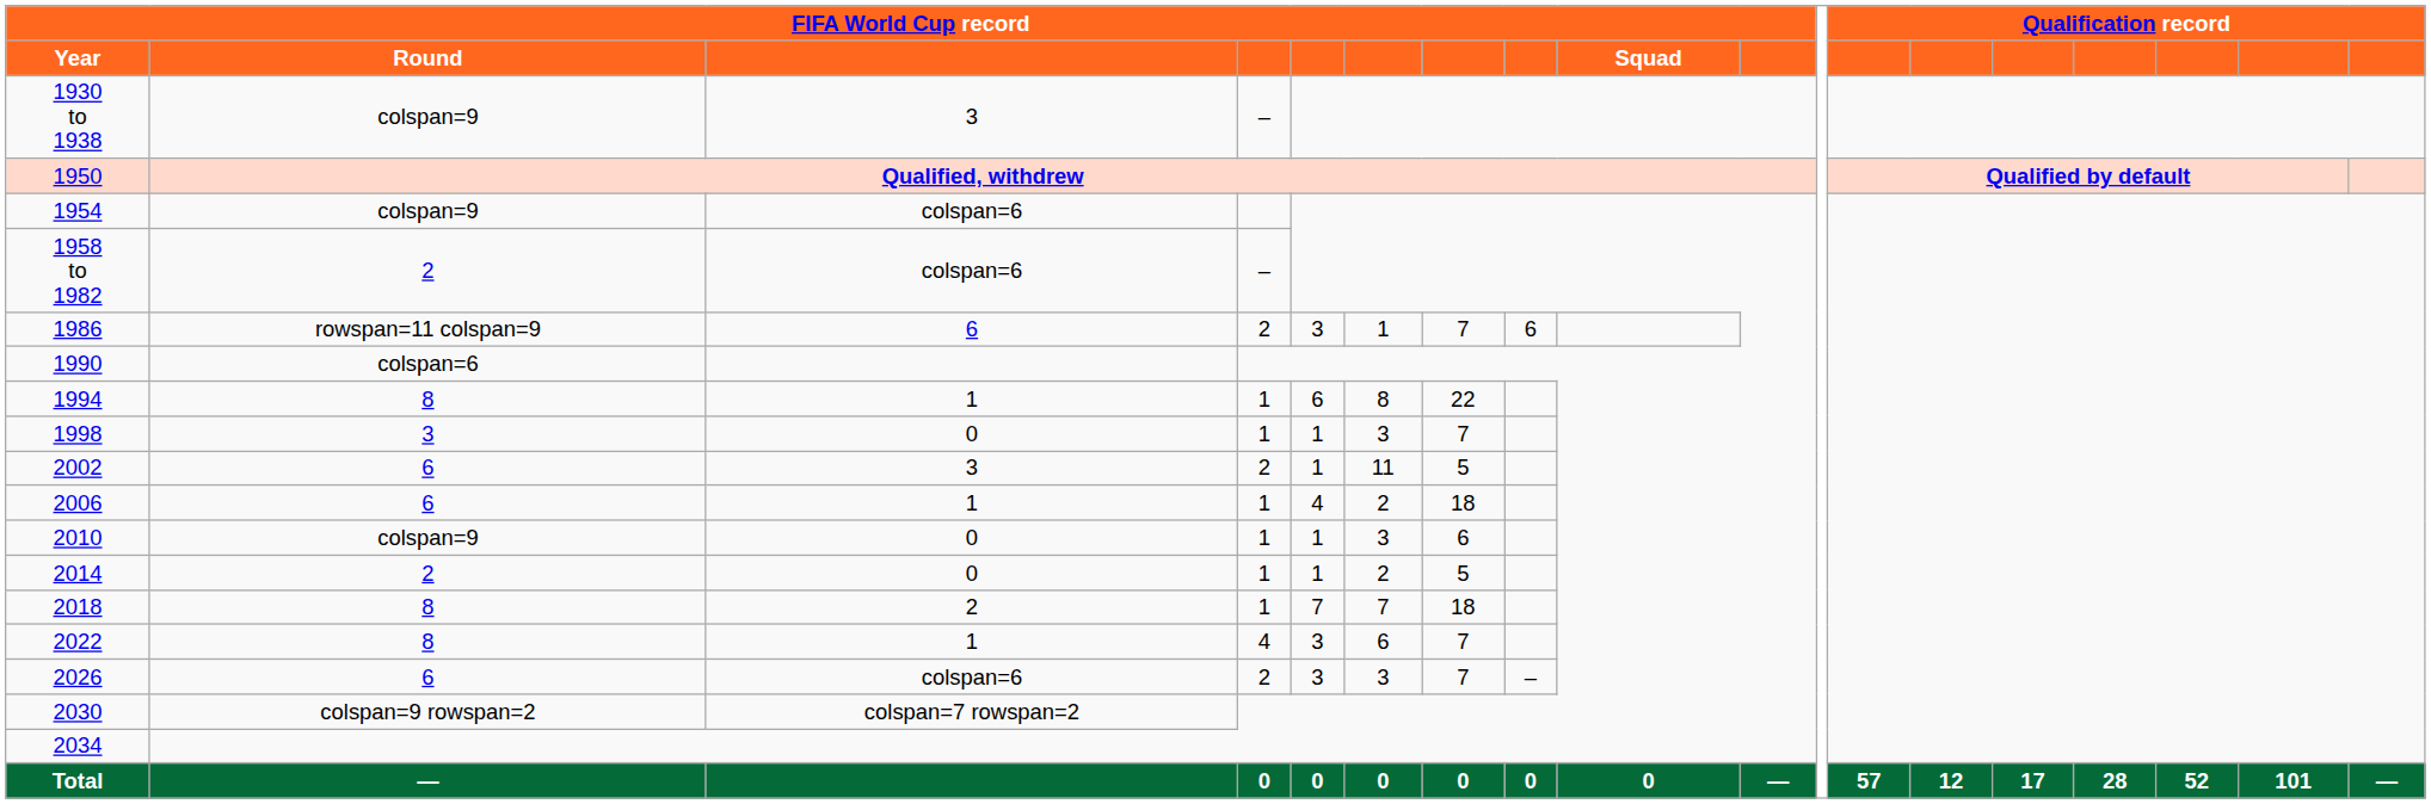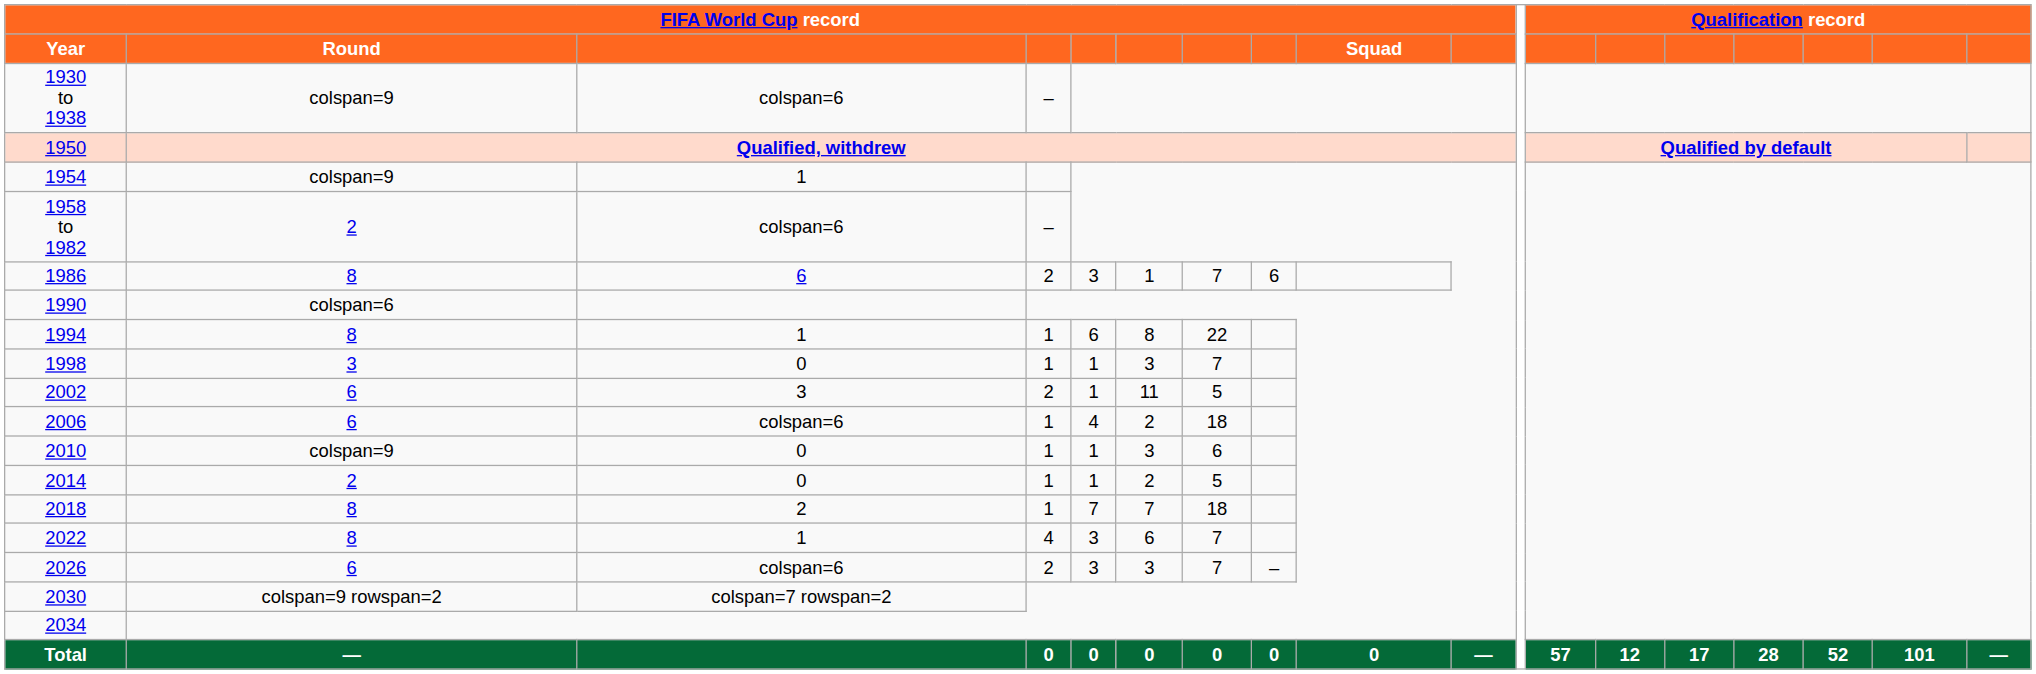 <table class="wikitable" style="font-size:90%; text-align:center;" width="100%" class="wikitable">
 <tr>
 <th colspan=10 style="background:#FF671F; color:white; "><a href='#'>FIFA World Cup</a> record</th>
 <th width="1" rowspan=28 style="background:#FFFFFF; color:white"></th>
 <th colspan=7 style="background:#FF671F; color:white; "><a href='#'>Qualification</a> record</th>
 </tr>
 <tr>
 <th style="background:#FF671F; color:white; ">Year</th>
 <th style="background:#FF671F; color:white; ">Round</th>
 <th style="background:#FF671F; color:white; "></th>
 <th style="background:#FF671F; color:white; "></th>
 <th style="background:#FF671F; color:white; "></th>
 <th style="background:#FF671F; color:white; "></th>
 <th style="background:#FF671F; color:white; "></th>
 <th style="background:#FF671F; color:white; "></th>
 <th style="background:#FF671F; color:white; ">Squad</th>
 <th style="background:#FF671F; color:white; "></th>
 <th style="background:#FF671F; color:white; "></th>
 <th style="background:#FF671F; color:white; "></th>
 <th style="background:#FF671F; color:white; "></th>
 <th style="background:#FF671F; color:white; "></th>
 <th style="background:#FF671F; color:white; "></th>
 <th style="background:#FF671F; color:white; "></th>
 <th style="background:#FF671F; color:white; "></th>
 </tr>
 <tr>
 <td> <a href='#'>1930</a><br>to<br> <a href='#'>1938</a></td>
 <td>colspan=9 </td>
-<td>3</td>
+<td>colspan=6 </td>
 <td>–</td>
 </tr>
 <tr style="background:#FFDACC">
 <td> <a href='#'>1950</a></td>
 <td colspan=9><strong><a href='#'>Qualified, withdrew</a></strong></td>
 <td colspan=6><strong><a href='#'>Qualified by default</a></strong></td>
 <td></td>
 </tr>
 <tr>
 <td> <a href='#'>1954</a></td>
 <td>colspan=9 </td>
-<td>colspan=6 </td>
+<td>1</td>
 <td></td>
 </tr>
 <tr>
 <td> <a href='#'>1958</a><br>to<br> <a href='#'>1982</a></td>
 <td><a href='#'>2</a></td>
 <td>colspan=6 </td>
 <td>–</td>
 </tr>
 <tr>
 <td> <a href='#'>1986</a></td>
-<td>rowspan=11 colspan=9 </td>
+<td><a href='#'>8</a></td>
 <td><a href='#'>6</a></td>
 <td>2</td>
 <td>3</td>
 <td>1</td>
 <td>7</td>
 <td>6</td>
 <td></td>
 </tr>
 <tr>
 <td> <a href='#'>1990</a></td>
 <td>colspan=6 </td>
 <td></td>
 </tr>
 <tr>
 <td> <a href='#'>1994</a></td>
 <td><a href='#'>8</a></td>
 <td>1</td>
 <td>1</td>
 <td>6</td>
 <td>8</td>
 <td>22</td>
 <td></td>
 </tr>
 <tr>
 <td> <a href='#'>1998</a></td>
 <td><a href='#'>3</a></td>
 <td>0</td>
 <td>1</td>
 <td>1</td>
 <td>3</td>
 <td>7</td>
 <td></td>
 </tr>
 <tr>
 <td>  <a href='#'>2002</a></td>
 <td><a href='#'>6</a></td>
 <td>3</td>
 <td>2</td>
 <td>1</td>
 <td>11</td>
 <td>5</td>
 <td></td>
 </tr>
 <tr>
 <td> <a href='#'>2006</a></td>
 <td><a href='#'>6</a></td>
-<td>1</td>
+<td>colspan=6 </td>
 <td>1</td>
 <td>4</td>
 <td>2</td>
 <td>18</td>
 <td></td>
 </tr>
 <tr>
 <td> <a href='#'>2010</a></td>
 <td>colspan=9 </td>
 <td>0</td>
 <td>1</td>
 <td>1</td>
 <td>3</td>
 <td>6</td>
 <td></td>
 </tr>
 <tr>
 <td> <a href='#'>2014</a></td>
 <td><a href='#'>2</a></td>
 <td>0</td>
 <td>1</td>
 <td>1</td>
 <td>2</td>
 <td>5</td>
 <td></td>
 </tr>
 <tr>
 <td> <a href='#'>2018</a></td>
 <td><a href='#'>8</a></td>
 <td>2</td>
 <td>1</td>
 <td>7</td>
 <td>7</td>
 <td>18</td>
 <td></td>
 </tr>
 <tr>
 <td> <a href='#'>2022</a></td>
 <td><a href='#'>8</a></td>
 <td>1</td>
 <td>4</td>
 <td>3</td>
 <td>6</td>
 <td>7</td>
 <td></td>
 </tr>
 <tr>
 <td>   <a href='#'>2026</a></td>
 <td><a href='#'>6</a></td>
 <td>colspan=6 </td>
 <td>2</td>
 <td>3</td>
 <td>3</td>
 <td>7</td>
 <td>–</td>
 </tr>
 <tr>
 <td>   <a href='#'>2030</a></td>
 <td>colspan=9 rowspan=2 </td>
 <td>colspan=7 rowspan=2 </td>
 </tr>
 <tr>
 <td> <a href='#'>2034</a></td>
 </tr>
 <tr>
 <th style="background:#046A38; color:white; "><strong>Total</strong></th>
 <th style="background:#046A38; color:white; "><strong>—</strong></th>
 <th style="background:#046A38; color:white; "></th>
 <th style="background:#046A38; color:white; "><strong>0</strong></th>
 <th style="background:#046A38; color:white; "><strong>0</strong></th>
 <th style="background:#046A38; color:white; "><strong>0</strong></th>
 <th style="background:#046A38; color:white; "><strong>0</strong></th>
 <th style="background:#046A38; color:white; "><strong>0</strong></th>
 <th style="background:#046A38; color:white; "><strong>0</strong></th>
 <th style="background:#046A38; color:white; "><strong>—</strong></th>
 <th style="background:#046A38; color:white; "><strong>57</strong></th>
 <th style="background:#046A38; color:white; "><strong>12</strong></th>
 <th style="background:#046A38; color:white; "><strong>17</strong></th>
 <th style="background:#046A38; color:white; "><strong>28</strong></th>
 <th style="background:#046A38; color:white; "><strong>52</strong></th>
 <th style="background:#046A38; color:white; "><strong>101</strong></th>
 <th style="background:#046A38; color:white; "><strong>—</strong></th>
 </tr>
 </table>
